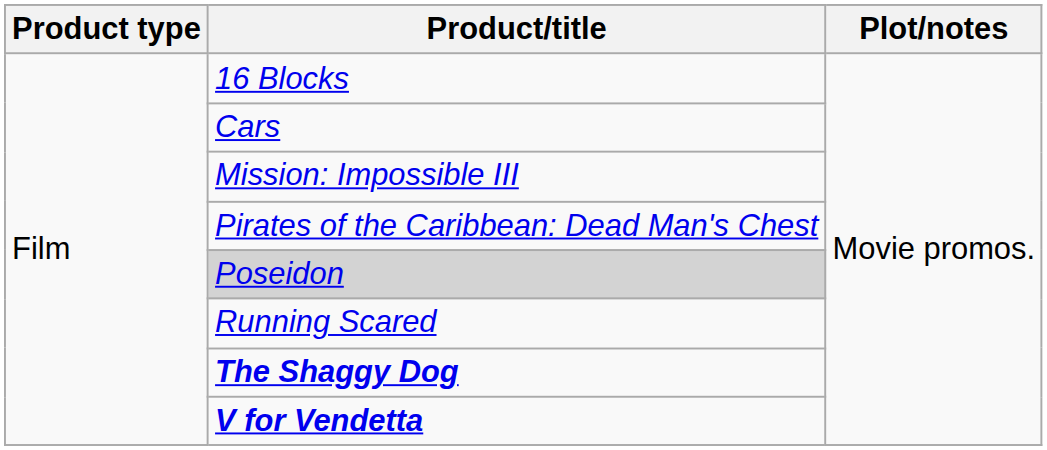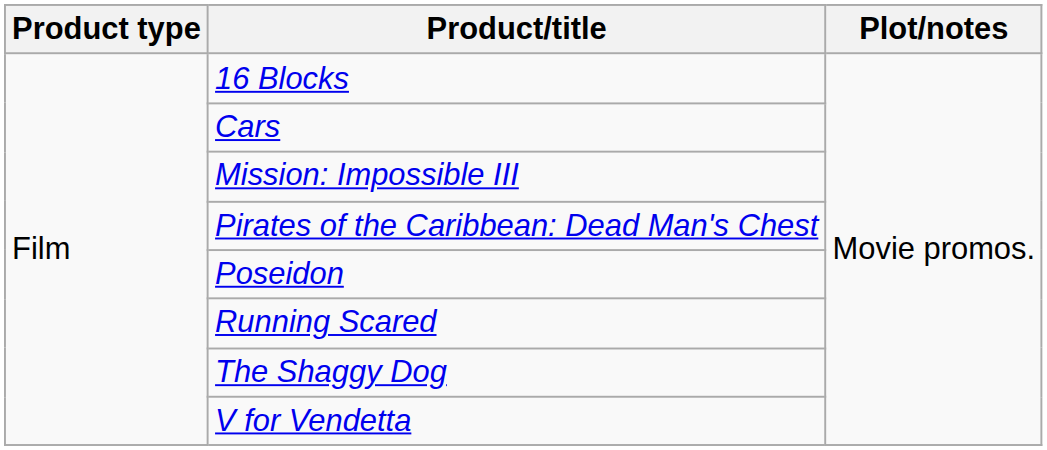 <table class="wikitable">
 <tr>
 <th>Product type</th>
 <th>Product/title</th>
 <th>Plot/notes</th>
 </tr>
 <tr>
 <td rowspan="8">Film</td>
 <td><em><a href='#'>16 Blocks</a></em></td>
 <td rowspan="8">Movie promos.</td>
 </tr>
 <tr>
 <td><em><a href='#'>Cars</a></em></td>
 </tr>
 <tr>
 <td><em><a href='#'>Mission: Impossible III</a></em></td>
 </tr>
 <tr>
 <td><em><a href='#'>Pirates of the Caribbean: Dead Man's Chest</a></em></td>
 </tr>
 <tr>
-<td style="background: lightgrey;"><em><a href='#'>Poseidon</a></em></td>
+<td><em><a href='#'>Poseidon</a></em></td>
 </tr>
 <tr>
 <td><em><a href='#'>Running Scared</a></em></td>
 </tr>
 <tr>
-<td><strong><em><a href='#'>The Shaggy Dog</a></em></strong></td>
+<td><em><a href='#'>The Shaggy Dog</a></em></td>
 </tr>
 <tr>
-<td><strong><em><a href='#'>V for Vendetta</a></em></strong></td>
+<td><em><a href='#'>V for Vendetta</a></em></td>
 </tr>
 </table>
